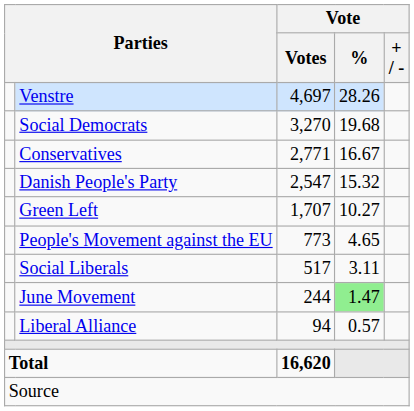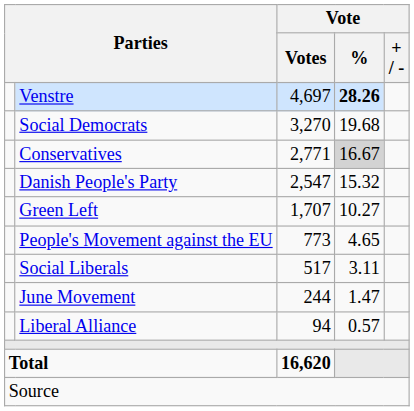 <table class="wikitable" style="text-align:right;">
 <tr>
 <th style="text-align:centre;" rowspan="2" colspan="2" width="225">Parties</th>
 <th colspan="3">Vote</th>
 </tr>
 <tr>
 <th width="15">Votes</th>
 <th width="15">%</th>
 <th width="15">+ / -</th>
 </tr>
 <tr>
 <td width="2" style="color:inherit;background:"></td>
 <td bgcolor=#cfe5fe   align="left"><a href='#'>Venstre</a></td>
 <td bgcolor=#cfe5fe>4,697</td>
-<td bgcolor=#cfe5fe>28.26</td>
+<td bgcolor=#cfe5fe><strong>28.26</strong></td>
 <td></td>
 </tr>
 <tr>
 <td width="2" style="color:inherit;background:"></td>
 <td align="left"><a href='#'>Social Democrats</a></td>
 <td>3,270</td>
 <td>19.68</td>
 <td></td>
 </tr>
 <tr>
 <td width="2" style="color:inherit;background:"></td>
 <td align="left"><a href='#'>Conservatives</a></td>
 <td>2,771</td>
-<td>16.67</td>
+<td style="background: lightgrey;">16.67</td>
 <td></td>
 </tr>
 <tr>
 <td width="2" style="color:inherit;background:"></td>
 <td align="left"><a href='#'>Danish People's Party</a></td>
 <td>2,547</td>
 <td>15.32</td>
 <td></td>
 </tr>
 <tr>
 <td width="2" style="color:inherit;background:"></td>
 <td align="left"><a href='#'>Green Left</a></td>
 <td>1,707</td>
 <td>10.27</td>
 <td></td>
 </tr>
 <tr>
 <td width="2" style="color:inherit;background:"></td>
 <td align="left"><a href='#'>People's Movement against the EU</a></td>
 <td>773</td>
 <td>4.65</td>
 <td></td>
 </tr>
 <tr>
 <td width="2" style="color:inherit;background:"></td>
 <td align="left"><a href='#'>Social Liberals</a></td>
 <td>517</td>
 <td>3.11</td>
 <td></td>
 </tr>
 <tr>
 <td width="2" style="color:inherit;background:"></td>
 <td align="left"><a href='#'>June Movement</a></td>
 <td>244</td>
-<td style="background: lightgreen;">1.47</td>
+<td>1.47</td>
 <td></td>
 </tr>
 <tr>
 <td width="2" style="color:inherit;background:"></td>
 <td align="left"><a href='#'>Liberal Alliance</a></td>
 <td>94</td>
 <td>0.57</td>
 <td></td>
 </tr>
 <tr>
 <td colspan="7" bgcolor="#E9E9E9"></td>
 </tr>
 <tr>
 <td align="left" colspan="2"><strong>Total</strong></td>
 <td><strong>16,620</strong></td>
 <td bgcolor="#E9E9E9" colspan="2"></td>
 </tr>
 <tr>
 <td align="left" colspan="6">Source</td>
 </tr>
 </table>
